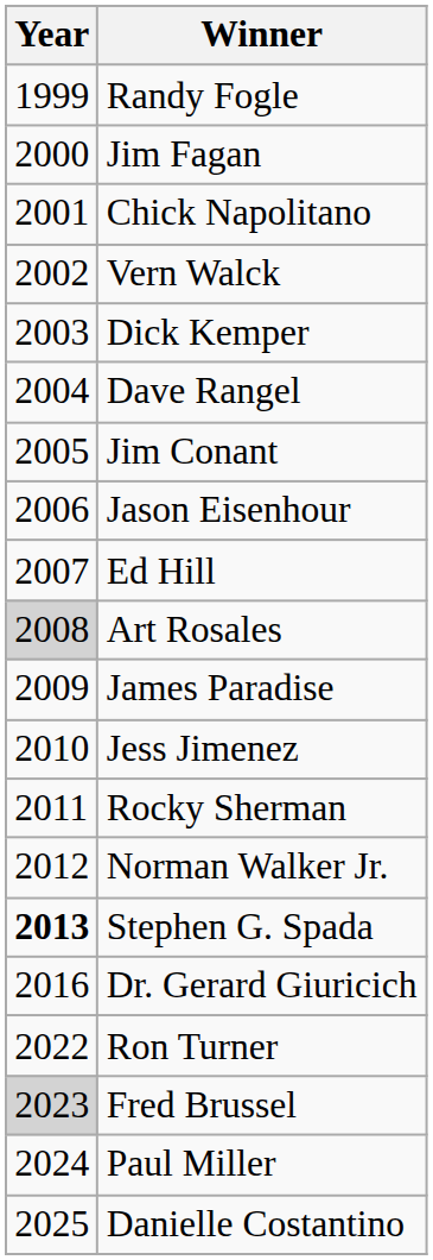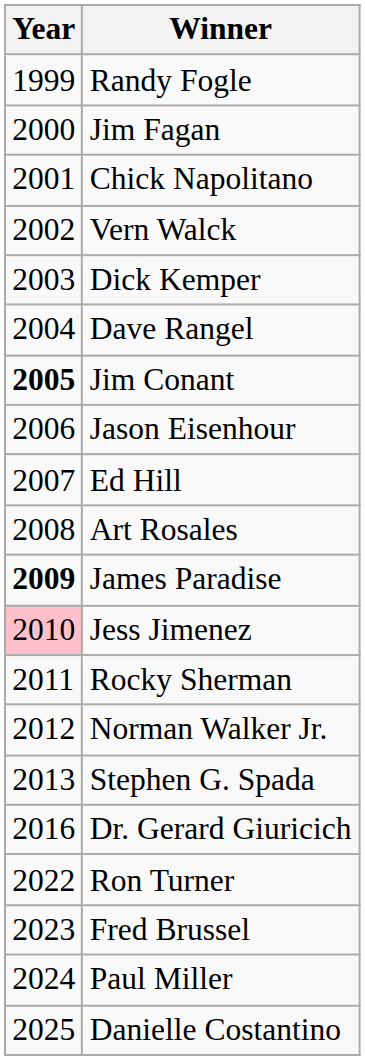 <table class="wikitable">
 <tr>
 <th>Year</th>
 <th>Winner</th>
 </tr>
 <tr>
 <td>1999</td>
 <td>Randy Fogle</td>
 </tr>
 <tr>
 <td>2000</td>
 <td>Jim Fagan</td>
 </tr>
 <tr>
 <td>2001</td>
 <td>Chick Napolitano</td>
 </tr>
 <tr>
 <td>2002</td>
 <td>Vern Walck</td>
 </tr>
 <tr>
 <td>2003</td>
 <td>Dick Kemper</td>
 </tr>
 <tr>
 <td>2004</td>
 <td>Dave Rangel</td>
 </tr>
 <tr>
-<td>2005</td>
+<td><strong>2005</strong></td>
 <td>Jim Conant</td>
 </tr>
 <tr>
 <td>2006</td>
 <td>Jason Eisenhour</td>
 </tr>
 <tr>
 <td>2007</td>
 <td>Ed Hill</td>
 </tr>
 <tr>
-<td style="background: lightgrey;">2008</td>
+<td>2008</td>
 <td>Art Rosales</td>
 </tr>
 <tr>
-<td>2009</td>
+<td><strong>2009</strong></td>
 <td>James Paradise</td>
 </tr>
 <tr>
-<td>2010</td>
+<td style="background: pink;">2010</td>
 <td>Jess Jimenez</td>
 </tr>
 <tr>
 <td>2011</td>
 <td>Rocky Sherman</td>
 </tr>
 <tr>
 <td>2012</td>
 <td>Norman Walker Jr.</td>
 </tr>
 <tr>
-<td><strong>2013</strong></td>
+<td>2013</td>
 <td>Stephen G. Spada</td>
 </tr>
 <tr>
 <td>2016</td>
 <td>Dr. Gerard Giuricich</td>
 </tr>
 <tr>
 <td>2022</td>
 <td>Ron Turner</td>
 </tr>
 <tr>
-<td style="background: lightgrey;">2023</td>
+<td>2023</td>
 <td>Fred Brussel</td>
 </tr>
 <tr>
 <td>2024</td>
 <td>Paul Miller</td>
 </tr>
 <tr>
 <td>2025</td>
 <td>Danielle Costantino</td>
 </tr>
 </table>
